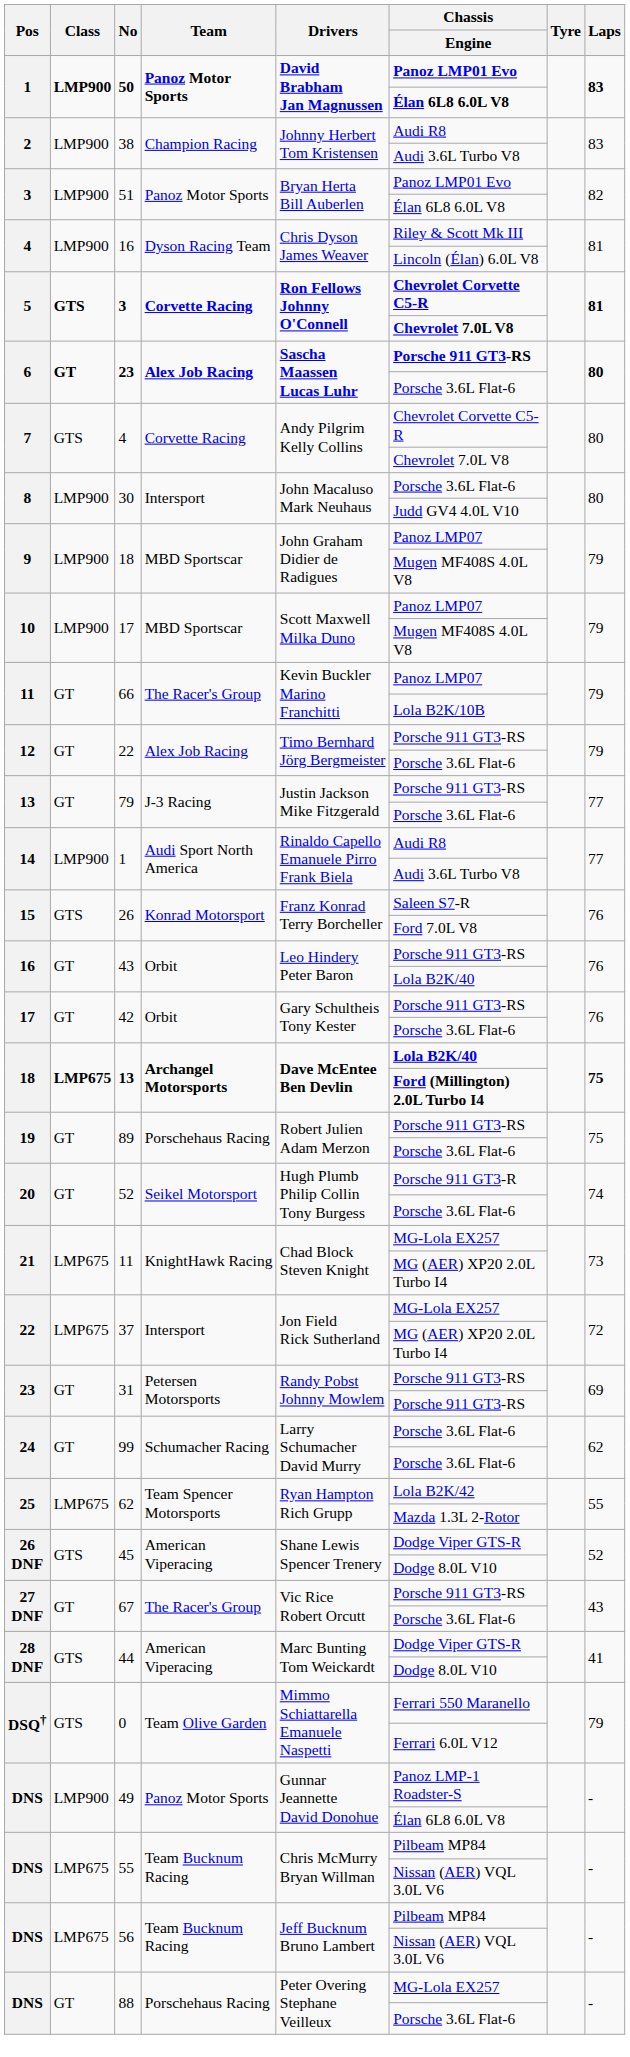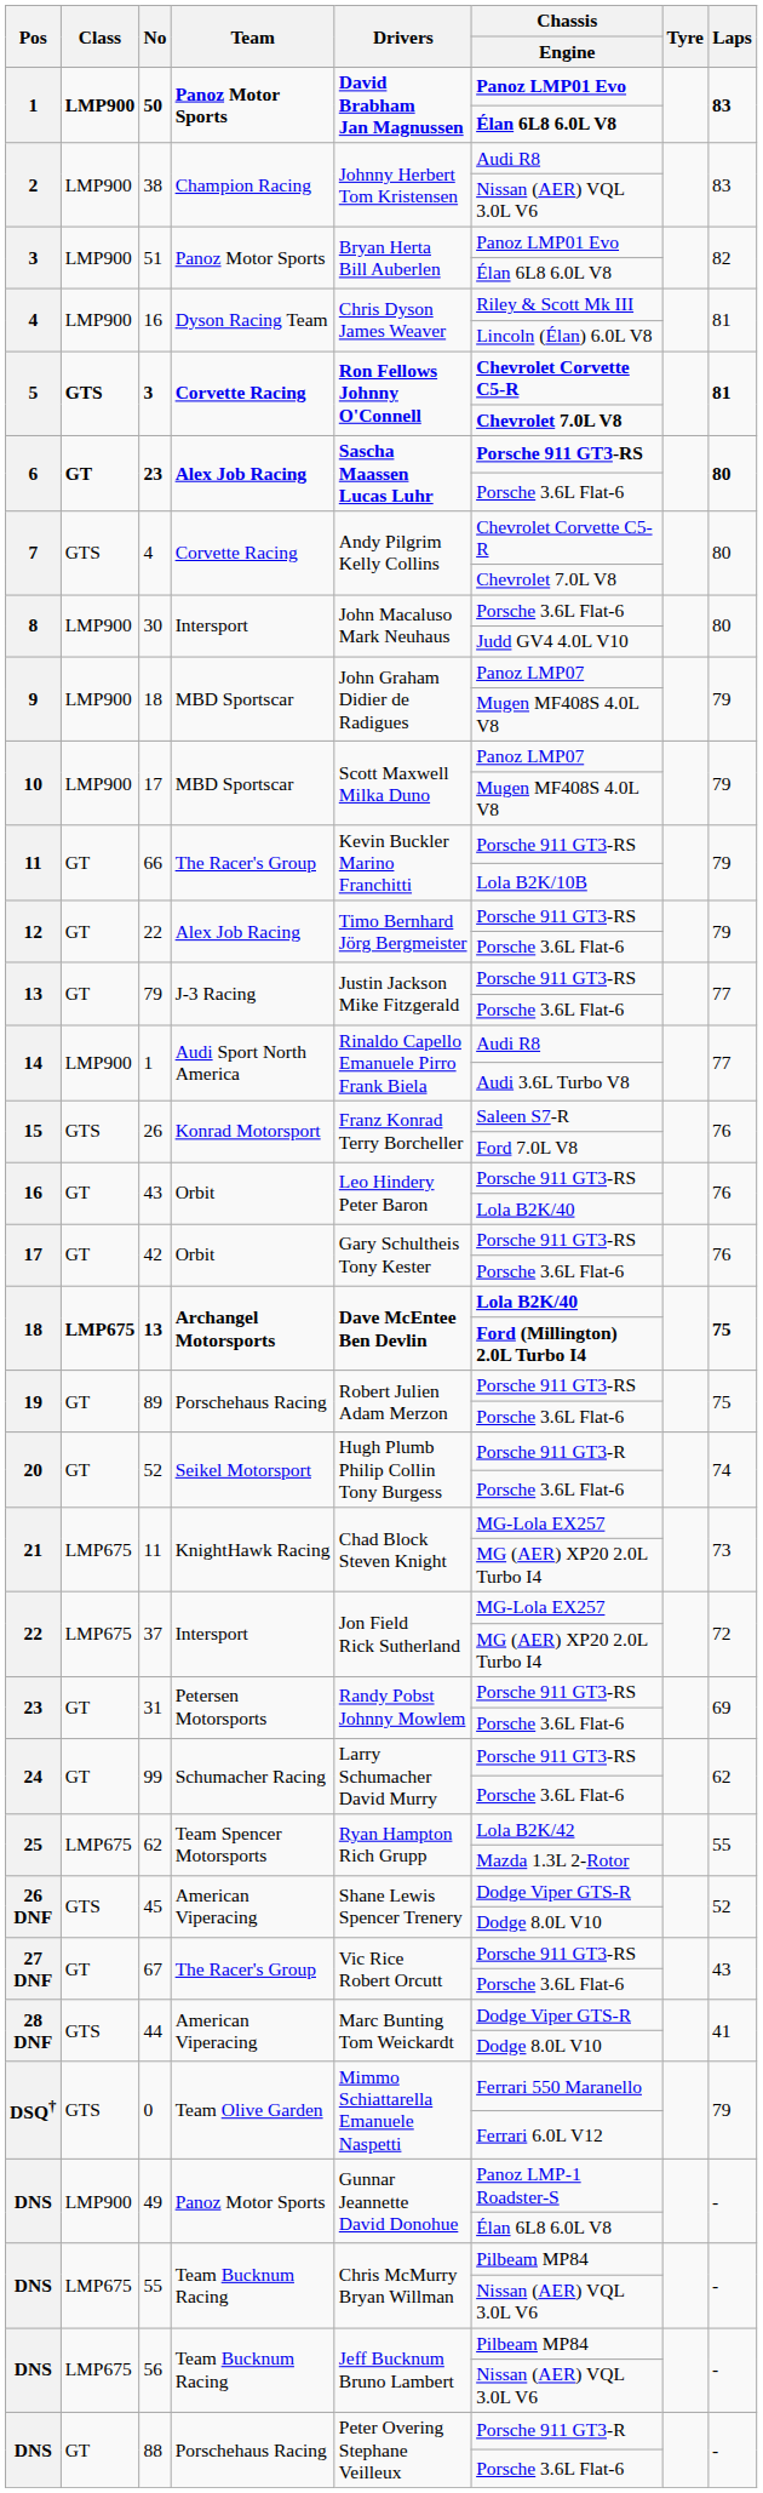 <table class="wikitable" style="font-size: 95%;">
 <tr>
 <th rowspan=2>Pos</th>
 <th rowspan=2>Class</th>
 <th rowspan=2>No</th>
 <th rowspan=2>Team</th>
 <th rowspan=2>Drivers</th>
 <th>Chassis</th>
 <th rowspan=2>Tyre</th>
 <th rowspan=2>Laps</th>
 </tr>
 <tr>
 <th>Engine</th>
 </tr>
 <tr style="font-weight:bold">
 <th rowspan=2>1</th>
 <td rowspan=2>LMP900</td>
 <td rowspan=2>50</td>
 <td rowspan=2> <a href='#'>Panoz</a> Motor Sports</td>
 <td rowspan=2> <a href='#'>David Brabham</a><br> <a href='#'>Jan Magnussen</a></td>
 <td><a href='#'>Panoz LMP01 Evo</a></td>
 <td rowspan=2></td>
 <td rowspan=2>83</td>
 </tr>
 <tr style="font-weight:bold">
 <td><a href='#'>Élan</a> 6L8 6.0L V8</td>
 </tr>
 <tr>
 <th rowspan=2>2</th>
 <td rowspan=2>LMP900</td>
 <td rowspan=2>38</td>
 <td rowspan=2> <a href='#'>Champion Racing</a></td>
 <td rowspan=2> <a href='#'>Johnny Herbert</a><br> <a href='#'>Tom Kristensen</a></td>
 <td><a href='#'>Audi R8</a></td>
 <td rowspan=2></td>
 <td rowspan=2>83</td>
 </tr>
 <tr>
-<td><a href='#'>Audi</a> 3.6L Turbo V8</td>
+<td><a href='#'>Nissan</a> (<a href='#'>AER</a>) VQL 3.0L V6</td>
 </tr>
 <tr>
 <th rowspan=2>3</th>
 <td rowspan=2>LMP900</td>
 <td rowspan=2>51</td>
 <td rowspan=2> <a href='#'>Panoz</a> Motor Sports</td>
 <td rowspan=2> <a href='#'>Bryan Herta</a><br> <a href='#'>Bill Auberlen</a></td>
 <td><a href='#'>Panoz LMP01 Evo</a></td>
 <td rowspan=2></td>
 <td rowspan=2>82</td>
 </tr>
 <tr>
 <td><a href='#'>Élan</a> 6L8 6.0L V8</td>
 </tr>
 <tr>
 <th rowspan=2>4</th>
 <td rowspan=2>LMP900</td>
 <td rowspan=2>16</td>
 <td rowspan=2> <a href='#'>Dyson Racing</a> Team</td>
 <td rowspan=2> <a href='#'>Chris Dyson</a><br> <a href='#'>James Weaver</a></td>
 <td><a href='#'>Riley & Scott Mk III</a></td>
 <td rowspan=2></td>
 <td rowspan=2>81</td>
 </tr>
 <tr>
 <td><a href='#'>Lincoln</a> (<a href='#'>Élan</a>) 6.0L V8</td>
 </tr>
 <tr style="font-weight:bold">
 <th rowspan=2>5</th>
 <td rowspan=2>GTS</td>
 <td rowspan=2>3</td>
 <td rowspan=2> <a href='#'>Corvette Racing</a></td>
 <td rowspan=2> <a href='#'>Ron Fellows</a><br> <a href='#'>Johnny O'Connell</a></td>
 <td><a href='#'>Chevrolet Corvette C5-R</a></td>
 <td rowspan=2></td>
 <td rowspan=2>81</td>
 </tr>
 <tr style="font-weight:bold">
 <td><a href='#'>Chevrolet</a> 7.0L V8</td>
 </tr>
 <tr style="font-weight:bold">
 <th rowspan=2>6</th>
 <td rowspan=2>GT</td>
 <td rowspan=2>23</td>
 <td rowspan=2> <a href='#'>Alex Job Racing</a></td>
 <td rowspan=2> <a href='#'>Sascha Maassen</a><br> <a href='#'>Lucas Luhr</a></td>
 <td><a href='#'>Porsche 911 GT3</a>-RS</td>
 <td rowspan=2></td>
 <td rowspan=2>80</td>
 </tr>
 <tr>
 <td><a href='#'>Porsche</a> 3.6L Flat-6</td>
 </tr>
 <tr>
 <th rowspan=2>7</th>
 <td rowspan=2>GTS</td>
 <td rowspan=2>4</td>
 <td rowspan=2> <a href='#'>Corvette Racing</a></td>
 <td rowspan=2> Andy Pilgrim<br> Kelly Collins</td>
 <td><a href='#'>Chevrolet Corvette C5-R</a></td>
 <td rowspan=2></td>
 <td rowspan=2>80</td>
 </tr>
 <tr>
 <td><a href='#'>Chevrolet</a> 7.0L V8</td>
 </tr>
 <tr>
 <th rowspan=2>8</th>
 <td rowspan=2>LMP900</td>
 <td rowspan=2>30</td>
 <td rowspan=2> Intersport</td>
 <td rowspan=2> John Macaluso<br> Mark Neuhaus</td>
 <td><a href='#'>Porsche</a> 3.6L Flat-6</td>
 <td rowspan=2></td>
 <td rowspan=2>80</td>
 </tr>
 <tr>
 <td><a href='#'>Judd</a> GV4 4.0L V10</td>
 </tr>
 <tr>
 <th rowspan=2>9</th>
 <td rowspan=2>LMP900</td>
 <td rowspan=2>18</td>
 <td rowspan=2> MBD Sportscar</td>
 <td rowspan=2> John Graham<br> Didier de Radigues</td>
 <td><a href='#'>Panoz LMP07</a></td>
 <td rowspan=2></td>
 <td rowspan=2>79</td>
 </tr>
 <tr>
 <td><a href='#'>Mugen</a> MF408S 4.0L V8</td>
 </tr>
 <tr>
 <th rowspan=2>10</th>
 <td rowspan=2>LMP900</td>
 <td rowspan=2>17</td>
 <td rowspan=2> MBD Sportscar</td>
 <td rowspan=2> Scott Maxwell<br> <a href='#'>Milka Duno</a></td>
 <td><a href='#'>Panoz LMP07</a></td>
 <td rowspan=2></td>
 <td rowspan=2>79</td>
 </tr>
 <tr>
 <td><a href='#'>Mugen</a> MF408S 4.0L V8</td>
 </tr>
 <tr>
 <th rowspan=2>11</th>
 <td rowspan=2>GT</td>
 <td rowspan=2>66</td>
 <td rowspan=2> <a href='#'>The Racer's Group</a></td>
 <td rowspan=2> Kevin Buckler<br> <a href='#'>Marino Franchitti</a></td>
-<td><a href='#'>Panoz LMP07</a></td>
+<td><a href='#'>Porsche 911 GT3</a>-RS</td>
 <td rowspan=2></td>
 <td rowspan=2>79</td>
 </tr>
 <tr>
 <td><a href='#'>Lola B2K/10B</a></td>
 </tr>
 <tr>
 <th rowspan=2>12</th>
 <td rowspan=2>GT</td>
 <td rowspan=2>22</td>
 <td rowspan=2> <a href='#'>Alex Job Racing</a></td>
 <td rowspan=2> <a href='#'>Timo Bernhard</a><br> <a href='#'>Jörg Bergmeister</a></td>
 <td><a href='#'>Porsche 911 GT3</a>-RS</td>
 <td rowspan=2></td>
 <td rowspan=2>79</td>
 </tr>
 <tr>
 <td><a href='#'>Porsche</a> 3.6L Flat-6</td>
 </tr>
 <tr>
 <th rowspan=2>13</th>
 <td rowspan=2>GT</td>
 <td rowspan=2>79</td>
 <td rowspan=2> J-3 Racing</td>
 <td rowspan=2> Justin Jackson<br> Mike Fitzgerald</td>
 <td><a href='#'>Porsche 911 GT3</a>-RS</td>
 <td rowspan=2></td>
 <td rowspan=2>77</td>
 </tr>
 <tr>
 <td><a href='#'>Porsche</a> 3.6L Flat-6</td>
 </tr>
 <tr>
 <th rowspan=2>14</th>
 <td rowspan=2>LMP900</td>
 <td rowspan=2>1</td>
 <td rowspan=2> <a href='#'>Audi</a> Sport North America</td>
 <td rowspan=2> <a href='#'>Rinaldo Capello</a><br> <a href='#'>Emanuele Pirro</a><br> <a href='#'>Frank Biela</a></td>
 <td><a href='#'>Audi R8</a></td>
 <td rowspan=2></td>
 <td rowspan=2>77</td>
 </tr>
 <tr>
 <td><a href='#'>Audi</a> 3.6L Turbo V8</td>
 </tr>
 <tr>
 <th rowspan=2>15</th>
 <td rowspan=2>GTS</td>
 <td rowspan=2>26</td>
 <td rowspan=2> <a href='#'>Konrad Motorsport</a></td>
 <td rowspan=2> <a href='#'>Franz Konrad</a><br> Terry Borcheller</td>
 <td><a href='#'>Saleen S7</a>-R</td>
 <td rowspan=2></td>
 <td rowspan=2>76</td>
 </tr>
 <tr>
 <td><a href='#'>Ford</a> 7.0L V8</td>
 </tr>
 <tr>
 <th rowspan=2>16</th>
 <td rowspan=2>GT</td>
 <td rowspan=2>43</td>
 <td rowspan=2> Orbit</td>
 <td rowspan=2> <a href='#'>Leo Hindery</a><br> Peter Baron</td>
 <td><a href='#'>Porsche 911 GT3</a>-RS</td>
 <td rowspan=2></td>
 <td rowspan=2>76</td>
 </tr>
 <tr>
 <td><a href='#'>Lola B2K/40</a></td>
 </tr>
 <tr>
 <th rowspan=2>17</th>
 <td rowspan=2>GT</td>
 <td rowspan=2>42</td>
 <td rowspan=2> Orbit</td>
 <td rowspan=2> Gary Schultheis<br> Tony Kester</td>
 <td><a href='#'>Porsche 911 GT3</a>-RS</td>
 <td rowspan=2></td>
 <td rowspan=2>76</td>
 </tr>
 <tr>
 <td><a href='#'>Porsche</a> 3.6L Flat-6</td>
 </tr>
 <tr style="font-weight:bold">
 <th rowspan=2>18</th>
 <td rowspan=2>LMP675</td>
 <td rowspan=2>13</td>
 <td rowspan=2> Archangel Motorsports</td>
 <td rowspan=2> Dave McEntee<br> Ben Devlin</td>
 <td><a href='#'>Lola B2K/40</a></td>
 <td rowspan=2></td>
 <td rowspan=2>75</td>
 </tr>
 <tr style="font-weight:bold">
 <td><a href='#'>Ford</a> (Millington) 2.0L Turbo I4</td>
 </tr>
 <tr>
 <th rowspan=2>19</th>
 <td rowspan=2>GT</td>
 <td rowspan=2>89</td>
 <td rowspan=2> Porschehaus Racing</td>
 <td rowspan=2> Robert Julien<br> Adam Merzon</td>
 <td><a href='#'>Porsche 911 GT3</a>-RS</td>
 <td rowspan=2></td>
 <td rowspan=2>75</td>
 </tr>
 <tr>
 <td><a href='#'>Porsche</a> 3.6L Flat-6</td>
 </tr>
 <tr>
 <th rowspan=2>20</th>
 <td rowspan=2>GT</td>
 <td rowspan=2>52</td>
 <td rowspan=2> <a href='#'>Seikel Motorsport</a></td>
 <td rowspan=2> Hugh Plumb<br> Philip Collin<br> Tony Burgess</td>
 <td><a href='#'>Porsche 911 GT3</a>-R</td>
 <td rowspan=2></td>
 <td rowspan=2>74</td>
 </tr>
 <tr>
 <td><a href='#'>Porsche</a> 3.6L Flat-6</td>
 </tr>
 <tr>
 <th rowspan=2>21</th>
 <td rowspan=2>LMP675</td>
 <td rowspan=2>11</td>
 <td rowspan=2> KnightHawk Racing</td>
 <td rowspan=2> Chad Block<br> Steven Knight</td>
 <td><a href='#'>MG-Lola EX257</a></td>
 <td rowspan=2></td>
 <td rowspan=2>73</td>
 </tr>
 <tr>
 <td><a href='#'>MG</a> (<a href='#'>AER</a>) XP20 2.0L Turbo I4</td>
 </tr>
 <tr>
 <th rowspan=2>22</th>
 <td rowspan=2>LMP675</td>
 <td rowspan=2>37</td>
 <td rowspan=2> Intersport</td>
 <td rowspan=2> Jon Field<br> Rick Sutherland</td>
 <td><a href='#'>MG-Lola EX257</a></td>
 <td rowspan=2></td>
 <td rowspan=2>72</td>
 </tr>
 <tr>
 <td><a href='#'>MG</a> (<a href='#'>AER</a>) XP20 2.0L Turbo I4</td>
 </tr>
 <tr>
 <th rowspan=2>23</th>
 <td rowspan=2>GT</td>
 <td rowspan=2>31</td>
 <td rowspan=2> Petersen Motorsports</td>
 <td rowspan=2> <a href='#'>Randy Pobst</a><br> <a href='#'>Johnny Mowlem</a></td>
 <td><a href='#'>Porsche 911 GT3</a>-RS</td>
 <td rowspan=2></td>
 <td rowspan=2>69</td>
 </tr>
 <tr>
-<td><a href='#'>Porsche 911 GT3</a>-RS</td>
+<td><a href='#'>Porsche</a> 3.6L Flat-6</td>
 </tr>
 <tr>
 <th rowspan=2>24</th>
 <td rowspan=2>GT</td>
 <td rowspan=2>99</td>
 <td rowspan=2> Schumacher Racing</td>
 <td rowspan=2> Larry Schumacher<br> David Murry</td>
-<td><a href='#'>Porsche</a> 3.6L Flat-6</td>
+<td><a href='#'>Porsche 911 GT3</a>-RS</td>
 <td rowspan=2></td>
 <td rowspan=2>62</td>
 </tr>
 <tr>
 <td><a href='#'>Porsche</a> 3.6L Flat-6</td>
 </tr>
 <tr>
 <th rowspan=2>25</th>
 <td rowspan=2>LMP675</td>
 <td rowspan=2>62</td>
 <td rowspan=2> Team Spencer Motorsports</td>
 <td rowspan=2> <a href='#'>Ryan Hampton</a><br> Rich Grupp</td>
 <td><a href='#'>Lola B2K/42</a></td>
 <td rowspan=2></td>
 <td rowspan=2>55</td>
 </tr>
 <tr>
 <td><a href='#'>Mazda</a> 1.3L 2-<a href='#'>Rotor</a></td>
 </tr>
 <tr>
 <th rowspan=2>26<br>DNF</th>
 <td rowspan=2>GTS</td>
 <td rowspan=2>45</td>
 <td rowspan=2> American Viperacing</td>
 <td rowspan=2> Shane Lewis<br> Spencer Trenery</td>
 <td><a href='#'>Dodge Viper GTS-R</a></td>
 <td rowspan=2></td>
 <td rowspan=2>52</td>
 </tr>
 <tr>
 <td><a href='#'>Dodge</a> 8.0L V10</td>
 </tr>
 <tr>
 <th rowspan=2>27<br>DNF</th>
 <td rowspan=2>GT</td>
 <td rowspan=2>67</td>
 <td rowspan=2> <a href='#'>The Racer's Group</a></td>
 <td rowspan=2> Vic Rice<br> Robert Orcutt</td>
 <td><a href='#'>Porsche 911 GT3</a>-RS</td>
 <td rowspan=2></td>
 <td rowspan=2>43</td>
 </tr>
 <tr>
 <td><a href='#'>Porsche</a> 3.6L Flat-6</td>
 </tr>
 <tr>
 <th rowspan=2>28<br>DNF</th>
 <td rowspan=2>GTS</td>
 <td rowspan=2>44</td>
 <td rowspan=2> American Viperacing</td>
 <td rowspan=2> Marc Bunting<br> Tom Weickardt</td>
 <td><a href='#'>Dodge Viper GTS-R</a></td>
 <td rowspan=2></td>
 <td rowspan=2>41</td>
 </tr>
 <tr>
 <td><a href='#'>Dodge</a> 8.0L V10</td>
 </tr>
 <tr>
 <th rowspan=2>DSQ<sup>†</sup></th>
 <td rowspan=2>GTS</td>
 <td rowspan=2>0</td>
 <td rowspan=2> Team <a href='#'>Olive Garden</a></td>
 <td rowspan=2> <a href='#'>Mimmo Schiattarella</a><br> <a href='#'>Emanuele Naspetti</a></td>
 <td><a href='#'>Ferrari 550 Maranello</a></td>
 <td rowspan=2></td>
 <td rowspan=2>79</td>
 </tr>
 <tr>
 <td><a href='#'>Ferrari</a> 6.0L V12</td>
 </tr>
 <tr>
 <th rowspan=2>DNS</th>
 <td rowspan=2>LMP900</td>
 <td rowspan=2>49</td>
 <td rowspan=2> <a href='#'>Panoz</a> Motor Sports</td>
 <td rowspan=2> Gunnar Jeannette<br> <a href='#'>David Donohue</a></td>
 <td><a href='#'>Panoz LMP-1 Roadster-S</a></td>
 <td rowspan=2></td>
 <td rowspan=2>-</td>
 </tr>
 <tr>
 <td><a href='#'>Élan</a> 6L8 6.0L V8</td>
 </tr>
 <tr>
 <th rowspan=2>DNS</th>
 <td rowspan=2>LMP675</td>
 <td rowspan=2>55</td>
 <td rowspan=2> Team <a href='#'>Bucknum</a> Racing</td>
 <td rowspan=2> Chris McMurry<br> Bryan Willman</td>
 <td><a href='#'>Pilbeam</a> MP84</td>
 <td rowspan=2></td>
 <td rowspan=2>-</td>
 </tr>
 <tr>
 <td><a href='#'>Nissan</a> (<a href='#'>AER</a>) VQL 3.0L V6</td>
 </tr>
 <tr>
 <th rowspan=2>DNS</th>
 <td rowspan=2>LMP675</td>
 <td rowspan=2>56</td>
 <td rowspan=2> Team <a href='#'>Bucknum</a> Racing</td>
 <td rowspan=2> <a href='#'>Jeff Bucknum</a><br> Bruno Lambert</td>
 <td><a href='#'>Pilbeam</a> MP84</td>
 <td rowspan=2></td>
 <td rowspan=2>-</td>
 </tr>
 <tr>
 <td><a href='#'>Nissan</a> (<a href='#'>AER</a>) VQL 3.0L V6</td>
 </tr>
 <tr>
 <th rowspan=2>DNS</th>
 <td rowspan=2>GT</td>
 <td rowspan=2>88</td>
 <td rowspan=2> Porschehaus Racing</td>
 <td rowspan=2> Peter Overing<br> Stephane Veilleux</td>
-<td><a href='#'>MG-Lola EX257</a></td>
+<td><a href='#'>Porsche 911 GT3</a>-R</td>
 <td rowspan=2></td>
 <td rowspan=2>-</td>
 </tr>
 <tr>
 <td><a href='#'>Porsche</a> 3.6L Flat-6</td>
 </tr>
 </table>
